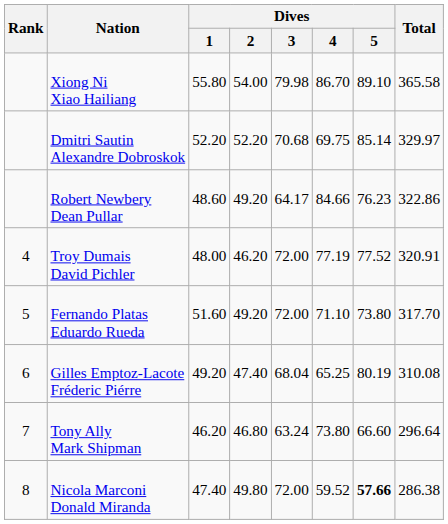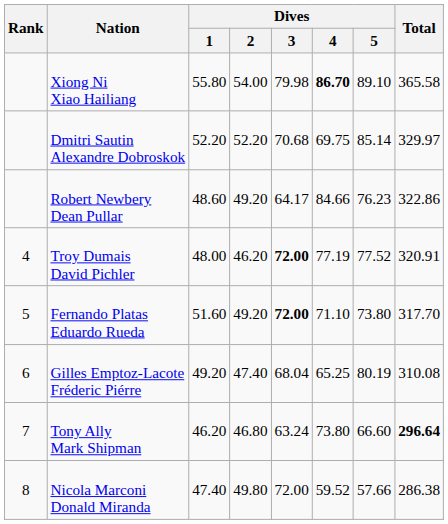 <table class="wikitable sortable" style="text-align:center;">
 <tr>
 <th rowspan="2">Rank</th>
 <th rowspan="2">Nation</th>
 <th colspan="5">Dives</th>
 <th rowspan="2">Total</th>
 </tr>
 <tr>
 <th>1</th>
 <th>2</th>
 <th>3</th>
 <th>4</th>
 <th>5</th>
 </tr>
 <tr>
 <td></td>
 <td align=left> <br> <a href='#'>Xiong Ni</a> <br> <a href='#'>Xiao Hailiang</a></td>
 <td>55.80</td>
 <td>54.00</td>
 <td>79.98</td>
-<td>86.70</td>
+<td><strong>86.70</strong></td>
 <td>89.10</td>
 <td>365.58</td>
 </tr>
 <tr>
 <td></td>
 <td align=left> <br> <a href='#'>Dmitri Sautin</a> <br> <a href='#'>Alexandre Dobroskok</a></td>
 <td>52.20</td>
 <td>52.20</td>
 <td>70.68</td>
 <td>69.75</td>
 <td>85.14</td>
 <td>329.97</td>
 </tr>
 <tr>
 <td></td>
 <td align=left> <br> <a href='#'>Robert Newbery</a> <br> <a href='#'>Dean Pullar</a></td>
 <td>48.60</td>
 <td>49.20</td>
 <td>64.17</td>
 <td>84.66</td>
 <td>76.23</td>
 <td>322.86</td>
 </tr>
 <tr>
 <td>4</td>
 <td align=left> <br> <a href='#'>Troy Dumais</a> <br> <a href='#'>David Pichler</a></td>
 <td>48.00</td>
 <td>46.20</td>
-<td>72.00</td>
+<td><strong>72.00</strong></td>
 <td>77.19</td>
 <td>77.52</td>
 <td>320.91</td>
 </tr>
 <tr>
 <td>5</td>
 <td align=left> <br> <a href='#'>Fernando Platas</a> <br> <a href='#'>Eduardo Rueda</a></td>
 <td>51.60</td>
 <td>49.20</td>
-<td>72.00</td>
+<td><strong>72.00</strong></td>
 <td>71.10</td>
 <td>73.80</td>
 <td>317.70</td>
 </tr>
 <tr>
 <td>6</td>
 <td align=left> <br> <a href='#'>Gilles Emptoz-Lacote</a> <br> <a href='#'>Fréderic Piérre</a></td>
 <td>49.20</td>
 <td>47.40</td>
 <td>68.04</td>
 <td>65.25</td>
 <td>80.19</td>
 <td>310.08</td>
 </tr>
 <tr>
 <td>7</td>
 <td align=left> <br> <a href='#'>Tony Ally</a> <br> <a href='#'>Mark Shipman</a></td>
 <td>46.20</td>
 <td>46.80</td>
 <td>63.24</td>
 <td>73.80</td>
 <td>66.60</td>
-<td>296.64</td>
+<td><strong>296.64</strong></td>
 </tr>
 <tr>
 <td>8</td>
 <td align=left> <br> <a href='#'>Nicola Marconi</a> <br> <a href='#'>Donald Miranda</a></td>
 <td>47.40</td>
 <td>49.80</td>
 <td>72.00</td>
 <td>59.52</td>
-<td><strong>57.66</strong></td>
+<td>57.66</td>
 <td>286.38</td>
 </tr>
 </table>
